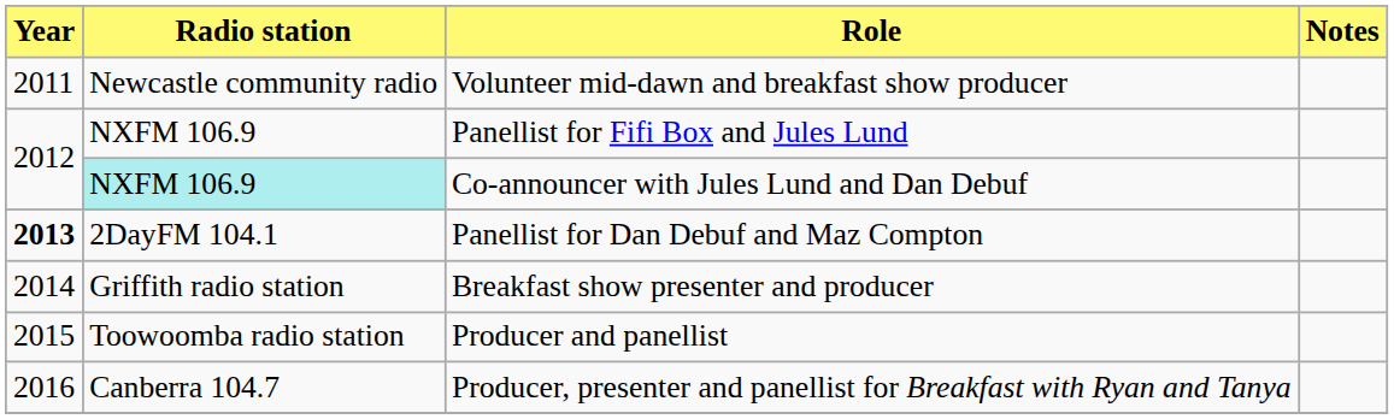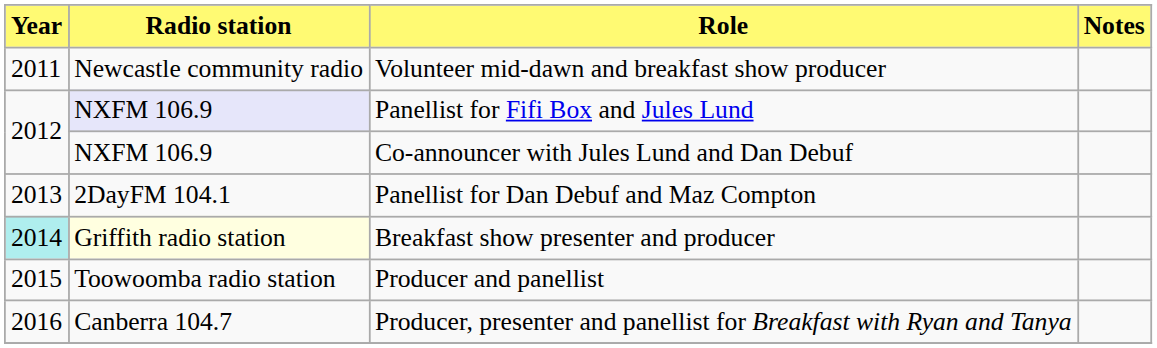 <table class="wikitable" style="font-size:90%;">
 <tr>
 <th style="background: #fffa73;">Year</th>
 <th style="background: #fffa73;">Radio station</th>
 <th style="background: #fffa73;">Role</th>
 <th style="background: #fffa73;">Notes</th>
 </tr>
 <tr>
 <td>2011</td>
 <td>Newcastle community radio</td>
 <td>Volunteer mid-dawn and breakfast show producer</td>
 <td></td>
 </tr>
 <tr>
 <td rowspan="2">2012</td>
-<td>NXFM 106.9</td>
+<td style="background: lavender;">NXFM 106.9</td>
 <td>Panellist for <a href='#'>Fifi Box</a> and <a href='#'>Jules Lund</a></td>
 <td></td>
 </tr>
 <tr>
-<td style="background: paleturquoise;">NXFM 106.9</td>
+<td>NXFM 106.9</td>
 <td>Co-announcer with Jules Lund and Dan Debuf</td>
 <td></td>
 </tr>
 <tr>
-<td><strong>2013</strong></td>
+<td>2013</td>
 <td>2DayFM 104.1</td>
 <td>Panellist for Dan Debuf and Maz Compton</td>
 <td></td>
 </tr>
 <tr>
-<td>2014</td>
-<td>Griffith radio station</td>
+<td style="background: paleturquoise;">2014</td>
+<td style="background: lightyellow;">Griffith radio station</td>
 <td>Breakfast show presenter and producer</td>
 <td></td>
 </tr>
 <tr>
 <td>2015</td>
 <td>Toowoomba radio station</td>
 <td>Producer and panellist</td>
 <td></td>
 </tr>
 <tr>
 <td>2016</td>
 <td>Canberra 104.7</td>
 <td>Producer, presenter and panellist for <em>Breakfast with Ryan and Tanya</em></td>
 <td></td>
 </tr>
 <tr>
 </tr>
 </table>
